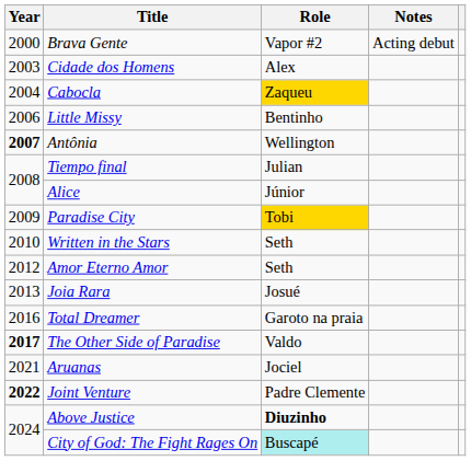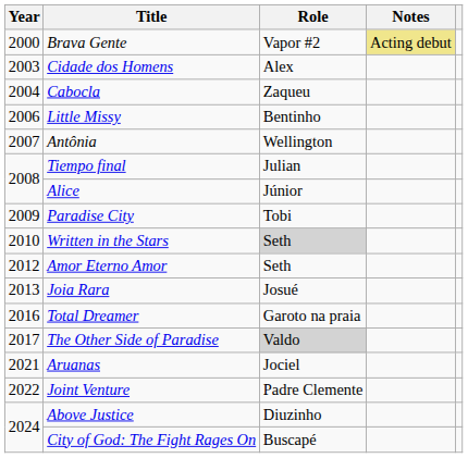 <table class="wikitable sortable">
 <tr>
 <th>Year</th>
 <th>Title</th>
 <th>Role</th>
 <th class="unsortable">Notes</th>
 <th></th>
 </tr>
 <tr>
 <td align = "center">2000</td>
 <td><em>Brava Gente</em></td>
 <td>Vapor #2</td>
-<td>Acting debut</td>
+<td style="background: khaki;">Acting debut</td>
 <td align = "center"></td>
 </tr>
 <tr>
 <td align = "center">2003</td>
 <td><em><a href='#'>Cidade dos Homens</a></em></td>
 <td>Alex</td>
 <td></td>
 <td align = "center"></td>
 </tr>
 <tr>
 <td align = "center">2004</td>
 <td><em><a href='#'>Cabocla</a></em></td>
-<td style="background: gold;">Zaqueu</td>
+<td>Zaqueu</td>
 <td></td>
 <td align = "center"></td>
 </tr>
 <tr>
 <td align = "center">2006</td>
 <td><em><a href='#'>Little Missy</a></em></td>
 <td>Bentinho</td>
 <td></td>
 <td align = "center"></td>
 </tr>
 <tr>
-<td align = "center"><strong>2007</strong></td>
+<td align = "center">2007</td>
 <td><em>Antônia</em></td>
 <td>Wellington</td>
 <td></td>
 <td align = "center"></td>
 </tr>
 <tr>
 <td rowspan="2" align = "center">2008</td>
 <td><em><a href='#'>Tiempo final</a></em></td>
 <td>Julian</td>
 <td></td>
 <td align = "center"></td>
 </tr>
 <tr>
 <td><em><a href='#'>Alice</a></em></td>
 <td>Júnior</td>
 <td></td>
 <td align = "center"></td>
 </tr>
 <tr>
 <td align = "center">2009</td>
 <td><em><a href='#'>Paradise City</a></em></td>
-<td style="background: gold;">Tobi</td>
+<td>Tobi</td>
 <td></td>
 <td align = "center"></td>
 </tr>
 <tr>
 <td align = "center">2010</td>
 <td><em><a href='#'>Written in the Stars</a></em></td>
-<td>Seth</td>
+<td style="background: lightgrey;">Seth</td>
 <td></td>
 <td align = "center"></td>
 </tr>
 <tr>
 <td align = "center">2012</td>
 <td><em><a href='#'>Amor Eterno Amor</a></em></td>
 <td>Seth</td>
 <td></td>
 <td align = "center"></td>
 </tr>
 <tr>
 <td>2013</td>
 <td><em><a href='#'>Joia Rara</a></em></td>
 <td>Josué</td>
 <td></td>
 <td></td>
 </tr>
 <tr>
 <td align="center">2016</td>
 <td><em><a href='#'>Total Dreamer</a></em></td>
 <td>Garoto na praia</td>
 <td></td>
 <td align="center"></td>
 </tr>
 <tr>
-<td align="center"><strong>2017</strong></td>
+<td align="center">2017</td>
 <td><em><a href='#'>The Other Side of Paradise</a></em></td>
-<td>Valdo</td>
+<td style="background: lightgrey;">Valdo</td>
 <td></td>
 <td align="center"></td>
 </tr>
 <tr>
 <td align = "center">2021</td>
 <td><em><a href='#'>Aruanas</a></em></td>
 <td>Jociel</td>
 <td></td>
 <td align = "center"></td>
 </tr>
 <tr>
-<td align = "center"><strong>2022</strong></td>
+<td align = "center">2022</td>
 <td><em><a href='#'>Joint Venture</a></em></td>
 <td>Padre Clemente</td>
 <td></td>
 <td align = "center"></td>
 </tr>
 <tr>
 <td rowspan="2" align = "center">2024</td>
 <td><em><a href='#'>Above Justice</a></em></td>
-<td><strong>Diuzinho</strong></td>
+<td>Diuzinho</td>
 <td></td>
 <td align = "center"></td>
 </tr>
 <tr>
 <td><em><a href='#'>City of God: The Fight Rages On</a></em></td>
-<td style="background: paleturquoise;">Buscapé</td>
+<td>Buscapé</td>
 <td></td>
 <td align = "center"></td>
 </tr>
 </table>
